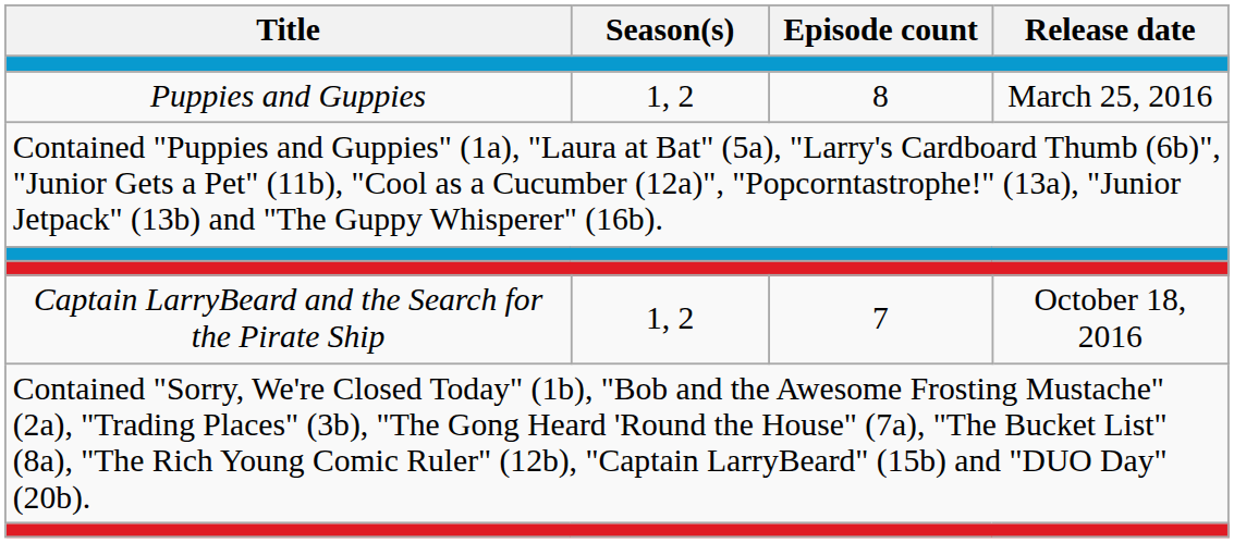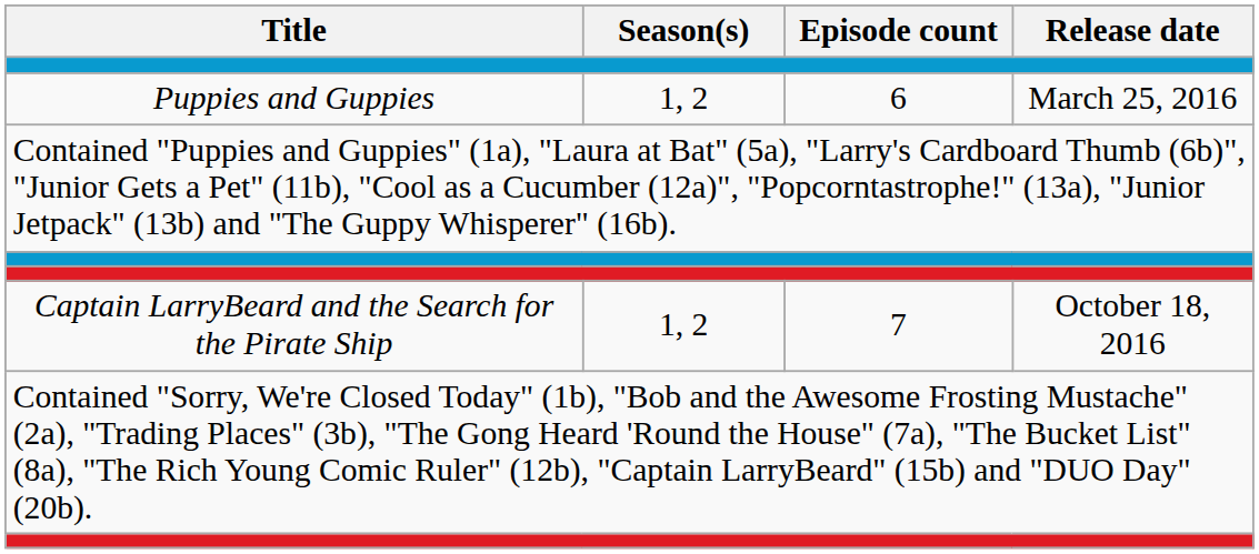 <table class="wikitable">
 <tr>
 <th>Title</th>
 <th>Season(s)</th>
 <th>Episode count</th>
 <th>Release date</th>
 </tr>
 <tr>
 <td colspan=4 style="background:#089acf"></td>
 </tr>
 <tr>
 <td style="text-align: center"><em>Puppies and Guppies</em></td>
 <td style="text-align: center">1, 2</td>
-<td style="text-align: center">8</td>
+<td style="text-align: center">6</td>
 <td style="text-align: center">March 25, 2016</td>
 </tr>
 <tr>
 <td colspan=4>Contained "Puppies and Guppies" (1a), "Laura at Bat" (5a), "Larry's Cardboard Thumb (6b)", "Junior Gets a Pet" (11b), "Cool as a Cucumber (12a)", "Popcorntastrophe!" (13a), "Junior Jetpack" (13b) and "The Guppy Whisperer" (16b).</td>
 </tr>
 <tr>
 <td colspan=4 style="background:#089acf"></td>
 </tr>
 <tr>
 <td colspan=4 style="background:#e01b24"></td>
 </tr>
 <tr>
 <td style="text-align: center"><em>Captain LarryBeard and the Search for the Pirate Ship</em></td>
 <td style="text-align: center">1, 2</td>
 <td style="text-align: center">7</td>
 <td style="text-align: center">October 18, 2016</td>
 </tr>
 <tr>
 <td colspan=4>Contained "Sorry, We're Closed Today" (1b), "Bob and the Awesome Frosting Mustache" (2a), "Trading Places" (3b), "The Gong Heard 'Round the House" (7a), "The Bucket List" (8a), "The Rich Young Comic Ruler" (12b), "Captain LarryBeard" (15b) and "DUO Day" (20b).</td>
 </tr>
 <tr>
 <td colspan=4 style="background:#e01b24"></td>
 </tr>
 </table>
